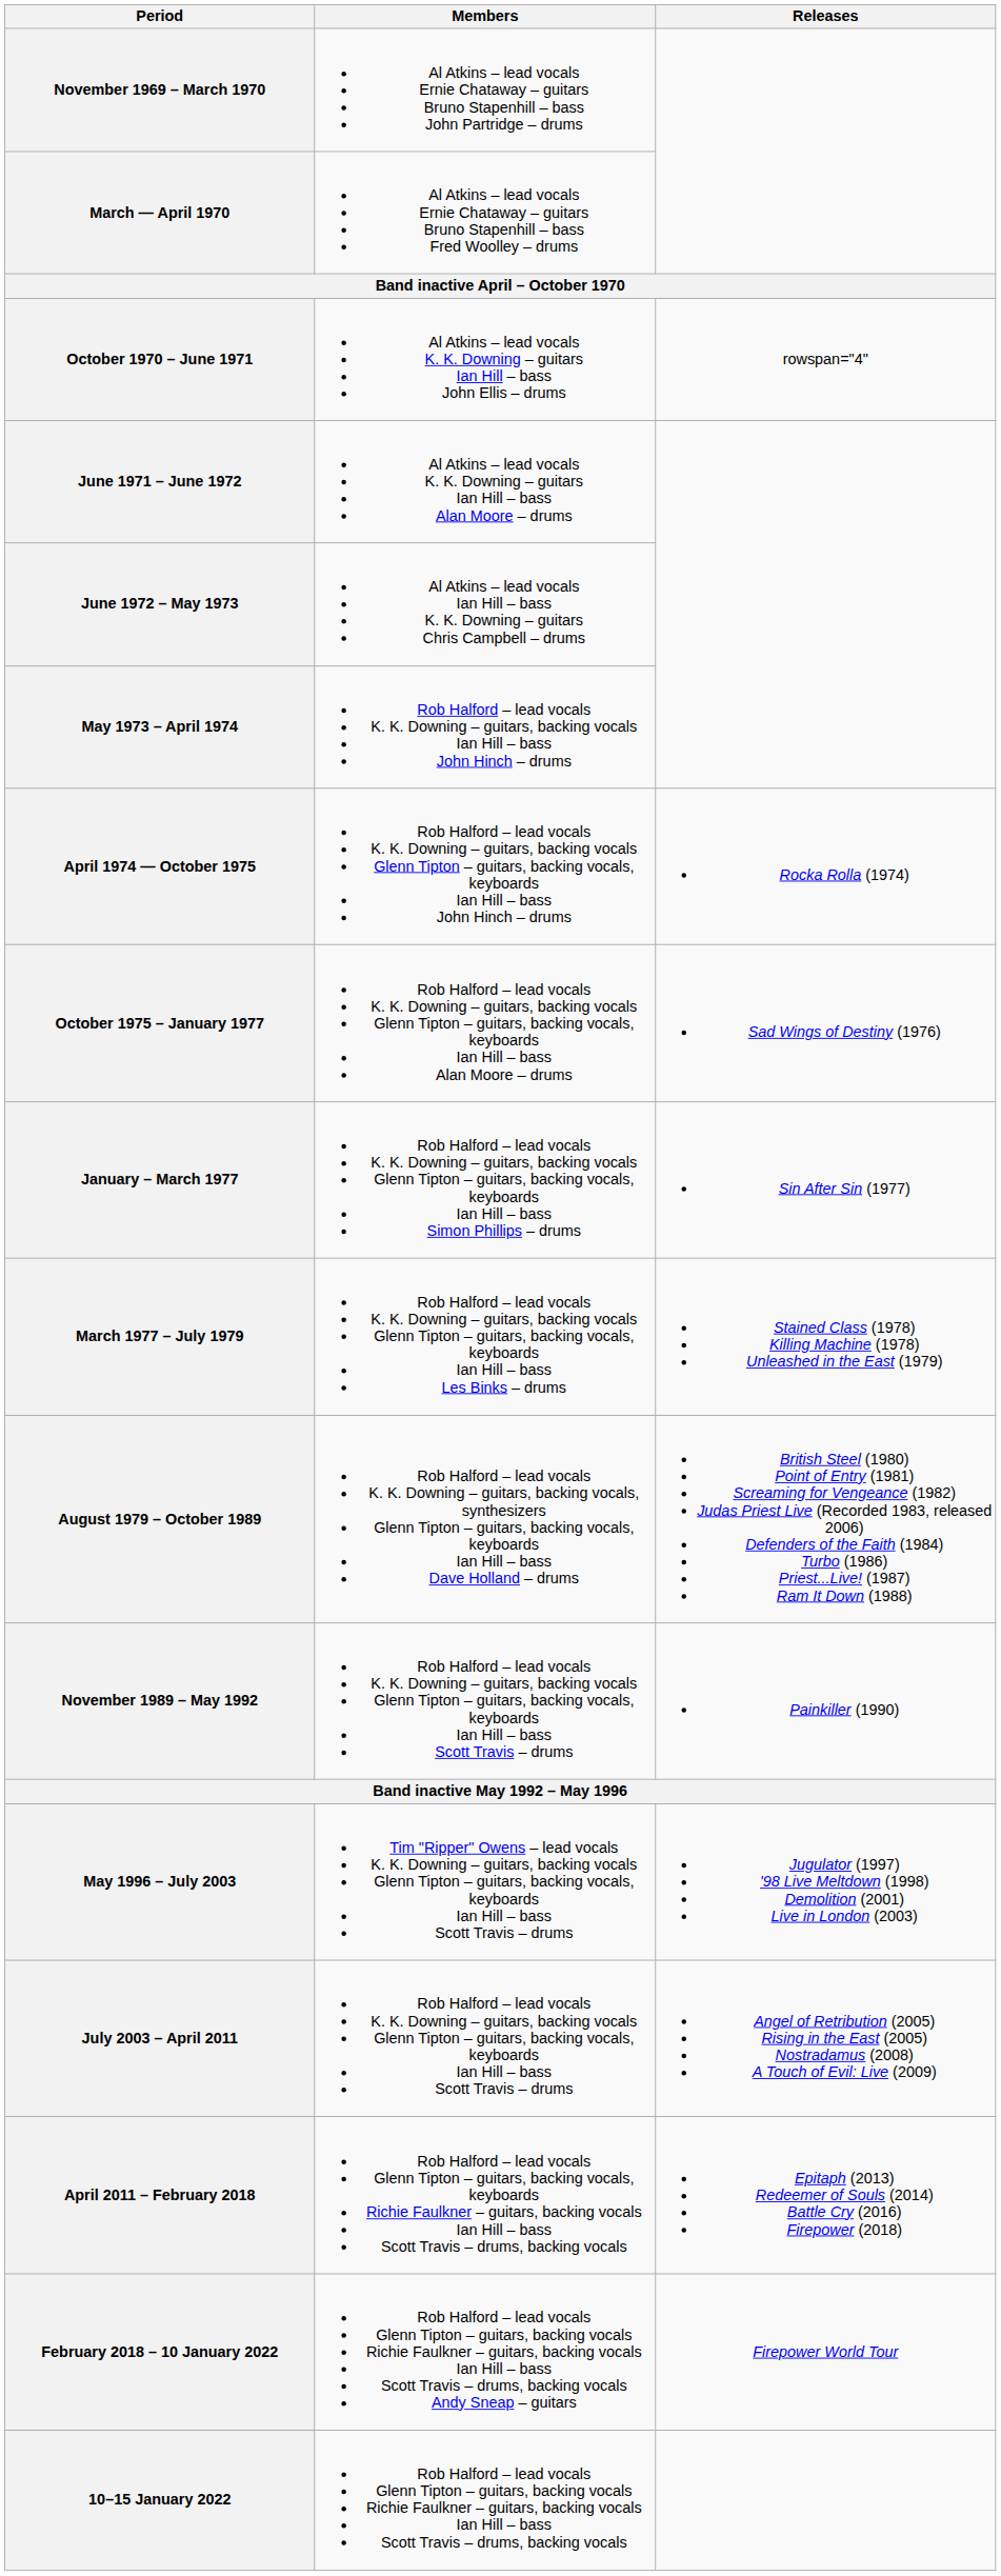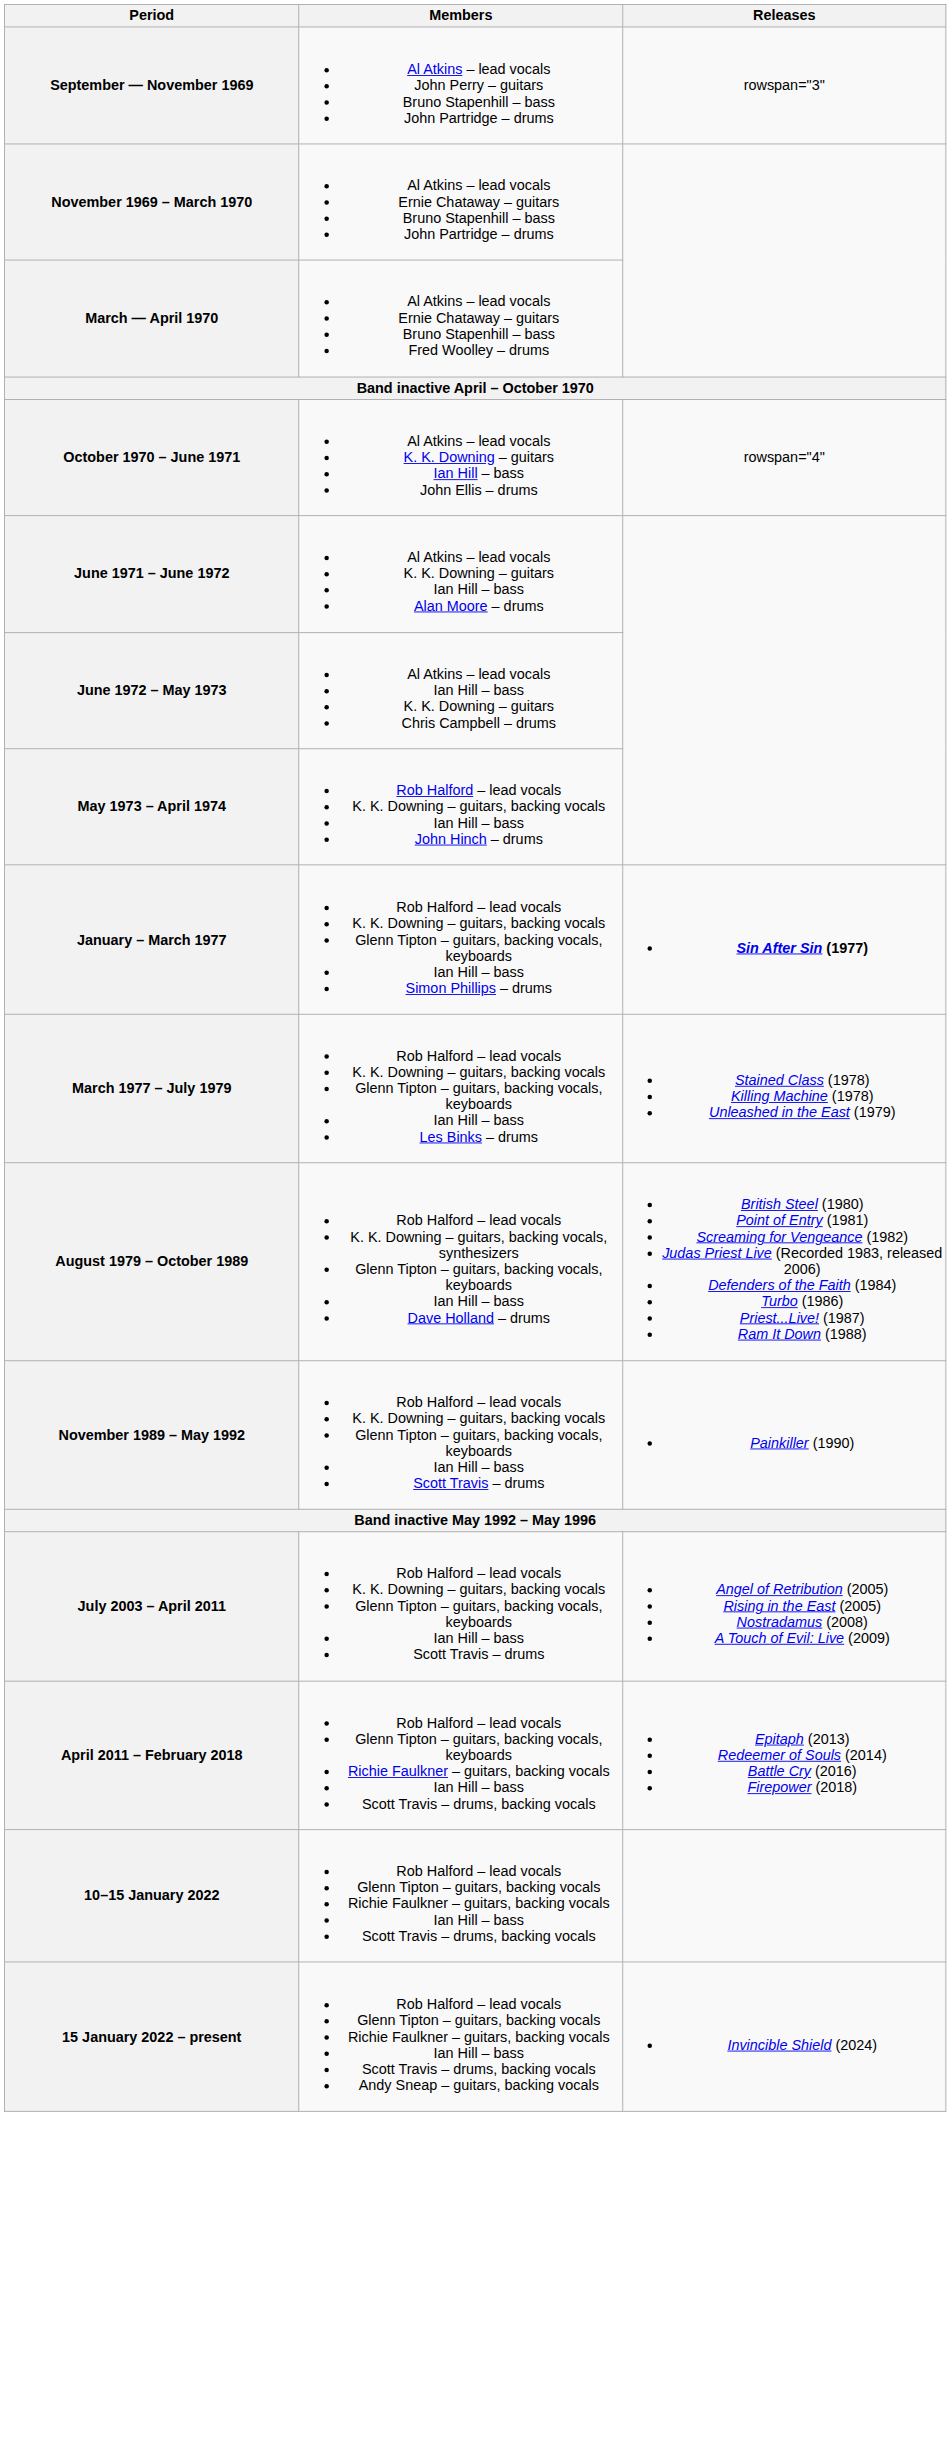 <table class="wikitable plainrowheaders" style="text-align:center;">
 <tr>
 <th scope="col" style="width:20em;">Period</th>
 <th scope="col" style="width:22em;">Members</th>
 <th scope="col" style="width:22em;">Releases</th>
+</tr>
+<tr>
+<th scope="col">September — November 1969</th>
+<td><br><ul><li><a href='#'>Al Atkins</a> – lead vocals</li><li>John Perry – guitars</li><li>Bruno Stapenhill – bass</li><li>John Partridge – drums</li></ul></td>
+<td>rowspan="3" </td>
 </tr>
 <tr>
 <th scope="col">November 1969 – March 1970</th>
 <td><br><ul><li>Al Atkins – lead vocals</li><li>Ernie Chataway – guitars</li><li>Bruno Stapenhill – bass</li><li>John Partridge – drums</li></ul></td>
 </tr>
 <tr>
 <th scope="col">March — April 1970</th>
 <td><br><ul><li>Al Atkins – lead vocals</li><li>Ernie Chataway – guitars</li><li>Bruno Stapenhill – bass</li><li>Fred Woolley – drums</li></ul></td>
 </tr>
 <tr>
 <th scope="col" colspan="3">Band inactive April – October 1970</th>
 </tr>
 <tr>
 <th scope="col">October 1970 – June 1971</th>
 <td><br><ul><li>Al Atkins – lead vocals</li><li><a href='#'>K. K. Downing</a> – guitars</li><li><a href='#'>Ian Hill</a> – bass</li><li>John Ellis – drums</li></ul></td>
 <td>rowspan="4" </td>
 </tr>
 <tr>
 <th scope="col">June 1971 – June 1972</th>
 <td><br><ul><li>Al Atkins – lead vocals</li><li>K. K. Downing – guitars</li><li>Ian Hill – bass</li><li><a href='#'>Alan Moore</a> – drums</li></ul></td>
 </tr>
 <tr>
 <th scope="col">June 1972 – May 1973</th>
 <td><br><ul><li>Al Atkins – lead vocals</li><li>Ian Hill – bass</li><li>K. K. Downing – guitars</li><li>Chris Campbell – drums</li></ul></td>
 </tr>
 <tr>
 <th scope="col">May 1973 – April 1974</th>
 <td><br><ul><li><a href='#'>Rob Halford</a> – lead vocals</li><li>K. K. Downing – guitars, backing vocals</li><li>Ian Hill – bass</li><li><a href='#'>John Hinch</a> – drums</li></ul></td>
 </tr>
 <tr>
-<th scope="col">April 1974 — October 1975</th>
-<td><br><ul><li>Rob Halford – lead vocals</li><li>K. K. Downing – guitars, backing vocals</li><li><a href='#'>Glenn Tipton</a> – guitars, backing vocals, keyboards</li><li>Ian Hill – bass</li><li>John Hinch – drums</li></ul></td>
-<td><br><ul><li><em><a href='#'>Rocka Rolla</a></em> (1974)</li></ul></td>
-</tr>
-<tr>
-<th scope="col">October 1975 – January 1977</th>
-<td><br><ul><li>Rob Halford – lead vocals</li><li>K. K. Downing – guitars, backing vocals</li><li>Glenn Tipton – guitars, backing vocals, keyboards</li><li>Ian Hill – bass</li><li>Alan Moore – drums</li></ul></td>
-<td><br><ul><li><em><a href='#'>Sad Wings of Destiny</a></em> (1976)</li></ul></td>
-</tr>
-<tr>
 <th scope="col">January – March 1977</th>
 <td><br><ul><li>Rob Halford – lead vocals</li><li>K. K. Downing – guitars, backing vocals</li><li>Glenn Tipton – guitars, backing vocals, keyboards</li><li>Ian Hill – bass</li><li><a href='#'>Simon Phillips</a> – drums</li></ul></td>
-<td><br><ul><li><em><a href='#'>Sin After Sin</a></em> (1977)</li></ul></td>
+<td><strong><br><ul><li><em><a href='#'>Sin After Sin</a></em> (1977)</li></ul></strong></td>
 </tr>
 <tr>
 <th scope="col">March 1977 – July 1979</th>
 <td><br><ul><li>Rob Halford – lead vocals</li><li>K. K. Downing – guitars, backing vocals</li><li>Glenn Tipton – guitars, backing vocals, keyboards</li><li>Ian Hill – bass</li><li><a href='#'>Les Binks</a> – drums</li></ul></td>
 <td><br><ul><li><em><a href='#'>Stained Class</a></em> (1978)</li><li><em><a href='#'>Killing Machine</a></em> (1978)</li><li><em><a href='#'>Unleashed in the East</a></em> (1979)</li></ul></td>
 </tr>
 <tr>
 <th scope="col">August 1979 – October 1989</th>
 <td><br><ul><li>Rob Halford – lead vocals</li><li>K. K. Downing – guitars, backing vocals, synthesizers</li><li>Glenn Tipton – guitars, backing vocals, keyboards</li><li>Ian Hill – bass</li><li><a href='#'>Dave Holland</a> – drums</li></ul></td>
 <td><br><ul><li><em><a href='#'>British Steel</a></em> (1980)</li><li><em><a href='#'>Point of Entry</a></em> (1981)</li><li><em><a href='#'>Screaming for Vengeance</a></em> (1982)</li><li><em><a href='#'>Judas Priest Live</a></em> (Recorded 1983, released 2006)</li><li><em><a href='#'>Defenders of the Faith</a></em> (1984)</li><li><em><a href='#'>Turbo</a></em> (1986)</li><li><em><a href='#'>Priest...Live!</a></em> (1987)</li><li><em><a href='#'>Ram It Down</a></em> (1988)</li></ul></td>
 </tr>
 <tr>
 <th scope="col">November 1989 – May 1992</th>
 <td><br><ul><li>Rob Halford – lead vocals</li><li>K. K. Downing – guitars, backing vocals</li><li>Glenn Tipton – guitars, backing vocals, keyboards</li><li>Ian Hill – bass</li><li><a href='#'>Scott Travis</a> – drums</li></ul></td>
 <td><br><ul><li><em><a href='#'>Painkiller</a></em> (1990)</li></ul></td>
 </tr>
 <tr>
 <th scope="col" colspan="3">Band inactive May 1992 – May 1996</th>
 </tr>
 <tr>
-<th scope="col">May 1996 – July 2003</th>
-<td><br><ul><li><a href='#'>Tim "Ripper" Owens</a> – lead vocals</li><li>K. K. Downing – guitars, backing vocals</li><li>Glenn Tipton – guitars, backing vocals, keyboards</li><li>Ian Hill – bass</li><li>Scott Travis – drums</li></ul></td>
-<td><br><ul><li><em><a href='#'>Jugulator</a></em> (1997)</li><li><em><a href='#'>'98 Live Meltdown</a></em> (1998)</li><li><em><a href='#'>Demolition</a></em> (2001)</li><li><em><a href='#'>Live in London</a></em> (2003)</li></ul></td>
-</tr>
-<tr>
 <th scope="col">July 2003 – April 2011</th>
 <td><br><ul><li>Rob Halford – lead vocals</li><li>K. K. Downing – guitars, backing vocals</li><li>Glenn Tipton – guitars, backing vocals, keyboards</li><li>Ian Hill – bass</li><li>Scott Travis – drums</li></ul></td>
 <td><br><ul><li><em><a href='#'>Angel of Retribution</a></em> (2005)</li><li><em><a href='#'>Rising in the East</a></em> (2005)</li><li><em><a href='#'>Nostradamus</a></em> (2008)</li><li><em><a href='#'>A Touch of Evil: Live</a></em> (2009)</li></ul></td>
 </tr>
 <tr>
 <th scope="col">April 2011 – February 2018</th>
 <td><br><ul><li>Rob Halford – lead vocals</li><li>Glenn Tipton – guitars, backing vocals, keyboards</li><li><a href='#'>Richie Faulkner</a> – guitars, backing vocals</li><li>Ian Hill – bass</li><li>Scott Travis – drums, backing vocals</li></ul></td>
 <td><br><ul><li><em><a href='#'>Epitaph</a></em> (2013)</li><li><em><a href='#'>Redeemer of Souls</a></em> (2014)</li><li><em><a href='#'>Battle Cry</a></em> (2016)</li><li><em><a href='#'>Firepower</a></em> (2018)</li></ul></td>
 </tr>
 <tr>
-<th scope="col">February 2018 – 10 January 2022</th>
-<td><br><ul><li>Rob Halford – lead vocals</li><li>Glenn Tipton – guitars, backing vocals </li><li>Richie Faulkner – guitars, backing vocals</li><li>Ian Hill – bass</li><li>Scott Travis – drums, backing vocals</li><li><a href='#'>Andy Sneap</a> – guitars </li></ul></td>
-<td><em><a href='#'>Firepower World Tour</a></em></td>
-</tr>
-<tr>
 <th scope="col">10–15 January 2022</th>
 <td><br><ul><li>Rob Halford – lead vocals</li><li>Glenn Tipton – guitars, backing vocals </li><li>Richie Faulkner – guitars, backing vocals</li><li>Ian Hill – bass</li><li>Scott Travis – drums, backing vocals</li></ul></td>
 <td></td>
 </tr>
+<tr>
+<th scope="col">15 January 2022 – present</th>
+<td><br><ul><li>Rob Halford – lead vocals</li><li>Glenn Tipton – guitars, backing vocals </li><li>Richie Faulkner – guitars, backing vocals</li><li>Ian Hill – bass</li><li>Scott Travis – drums, backing vocals</li><li>Andy Sneap – guitars, backing vocals </li></ul></td>
+<td><br><ul><li><em><a href='#'>Invincible Shield</a></em> (2024)</li></ul></td>
+</tr>
 </table>
